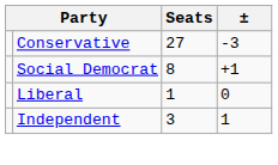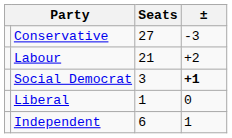 <table class="wikitable">
 <tr>
 <th colspan="2">Party</th>
 <th>Seats</th>
 <th>  ±  </th>
 </tr>
 <tr>
 <td style="background-color: "></td>
 <td><a href='#'>Conservative</a></td>
 <td>27</td>
 <td>-3</td>
 </tr>
 <tr>
 <td style="background-color: "></td>
+<td><a href='#'>Labour</a></td>
+<td>21</td>
+<td>+2</td>
+</tr>
+<tr>
+<td style="background-color: "></td>
 <td><a href='#'>Social Democrat</a></td>
-<td>8</td>
-<td>+1</td>
+<td>3</td>
+<td><strong>+1</strong></td>
 </tr>
 <tr>
 <td style="background-color: "></td>
 <td><a href='#'>Liberal</a></td>
 <td>1</td>
 <td>0</td>
 </tr>
 <tr>
 <td style="backgrouns-color: "></td>
 <td><a href='#'>Independent</a></td>
-<td>3</td>
+<td>6</td>
 <td>1</td>
 </tr>
 </table>
